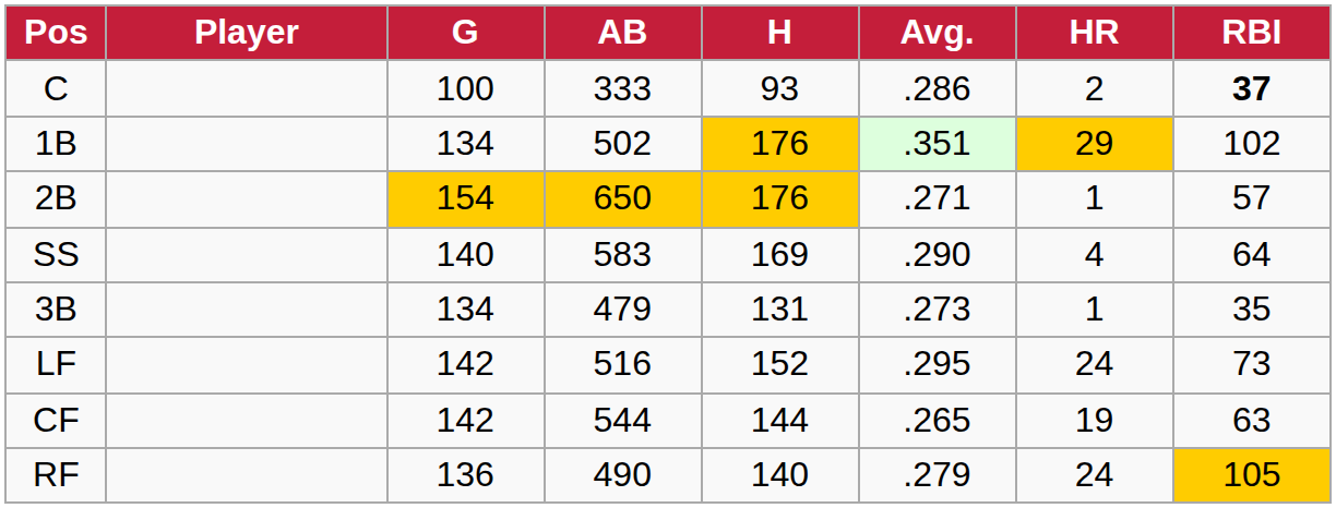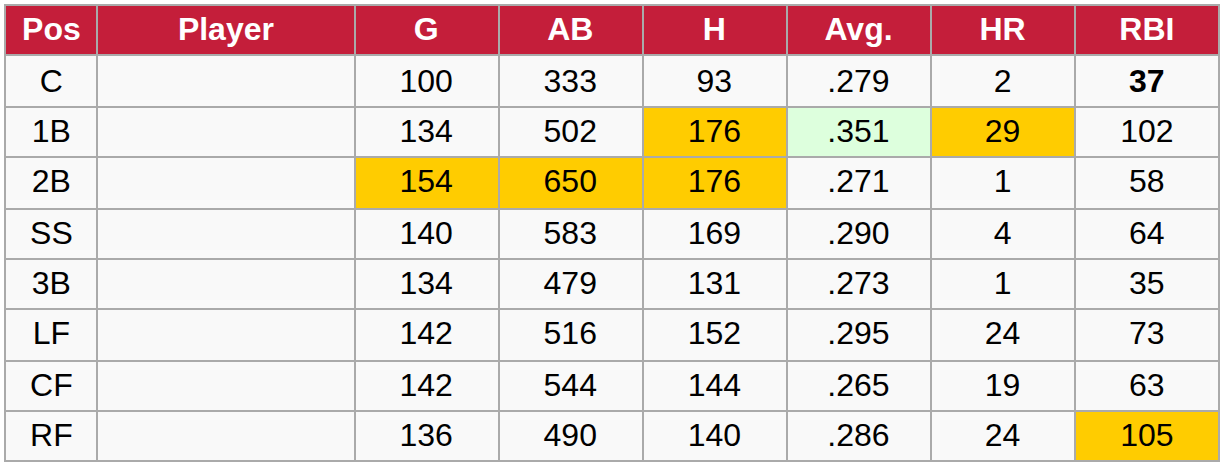 <table class="wikitable sortable">
 <tr>
 <th style="background:#c41e3a;color:white;" width="5%">Pos</th>
 <th style="background:#c41e3a;color:white;" width="16%">Player</th>
 <th style="background:#c41e3a;color:white;" width="9%">G</th>
 <th style="background:#c41e3a;color:white;" width="9%">AB</th>
 <th style="background:#c41e3a;color:white;" width="9%">H</th>
 <th style="background:#c41e3a;color:white;" width="9%">Avg.</th>
 <th style="background:#c41e3a;color:white;" width="9%">HR</th>
 <th style="background:#c41e3a;color:white;" width="9%">RBI</th>
 </tr>
 <tr align="center">
 <td>C</td>
 <td></td>
 <td>100</td>
 <td>333</td>
 <td>93</td>
-<td>.286</td>
+<td>.279</td>
 <td>2</td>
 <td><strong>37</strong></td>
 </tr>
 <tr align="center">
 <td>1B</td>
 <td></td>
 <td>134</td>
 <td>502</td>
 <td style="background:#fc0;">176</td>
 <td style="background:#DDFFDD;">.351</td>
 <td style="background:#fc0;">29</td>
 <td>102</td>
 </tr>
 <tr align="center">
 <td>2B</td>
 <td></td>
 <td style="background:#fc0;">154</td>
 <td style="background:#fc0;">650</td>
 <td style="background:#fc0;">176</td>
 <td>.271</td>
 <td>1</td>
-<td>57</td>
+<td>58</td>
 </tr>
 <tr align="center">
 <td>SS</td>
 <td></td>
 <td>140</td>
 <td>583</td>
 <td>169</td>
 <td>.290</td>
 <td>4</td>
 <td>64</td>
 </tr>
 <tr align="center">
 <td>3B</td>
 <td></td>
 <td>134</td>
 <td>479</td>
 <td>131</td>
 <td>.273</td>
 <td>1</td>
 <td>35</td>
 </tr>
 <tr align="center">
 <td>LF</td>
 <td></td>
 <td>142</td>
 <td>516</td>
 <td>152</td>
 <td>.295</td>
 <td>24</td>
 <td>73</td>
 </tr>
 <tr align="center">
 <td>CF</td>
 <td></td>
 <td>142</td>
 <td>544</td>
 <td>144</td>
 <td>.265</td>
 <td>19</td>
 <td>63</td>
 </tr>
 <tr align="center">
 <td>RF</td>
 <td></td>
 <td>136</td>
 <td>490</td>
 <td>140</td>
-<td>.279</td>
+<td>.286</td>
 <td>24</td>
 <td style="background:#fc0;">105</td>
 </tr>
 </table>
